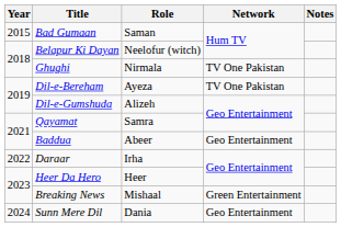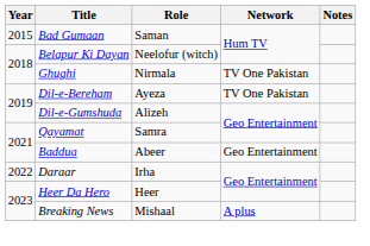 <table class="wikitable">
 <tr>
 <th>Year</th>
 <th>Title</th>
 <th>Role</th>
 <th>Network</th>
 <th>Notes</th>
 </tr>
 <tr>
 <td>2015</td>
 <td><em><a href='#'>Bad Gumaan</a></em></td>
 <td>Saman</td>
 <td rowspan="2"><a href='#'>Hum TV</a></td>
 <td></td>
 </tr>
 <tr>
 <td rowspan="2">2018</td>
 <td><em><a href='#'>Belapur Ki Dayan</a></em></td>
 <td>Neelofur (witch)</td>
 <td></td>
 </tr>
 <tr>
 <td><em><a href='#'>Ghughi</a></em></td>
 <td>Nirmala</td>
 <td>TV One Pakistan</td>
 <td></td>
 </tr>
 <tr>
 <td rowspan="2">2019</td>
 <td><em><a href='#'>Dil-e-Bereham</a></em></td>
 <td>Ayeza</td>
 <td>TV One Pakistan</td>
 <td></td>
 </tr>
 <tr>
 <td><em><a href='#'>Dil-e-Gumshuda</a></em></td>
 <td>Alizeh</td>
 <td rowspan="2"><a href='#'>Geo Entertainment</a></td>
 <td></td>
 </tr>
 <tr>
 <td rowspan="2">2021</td>
 <td><em><a href='#'>Qayamat</a></em></td>
 <td>Samra</td>
 <td></td>
 </tr>
 <tr>
 <td><em><a href='#'>Baddua</a></em></td>
 <td>Abeer</td>
 <td>Geo Entertainment</td>
 <td></td>
 </tr>
 <tr>
 <td>2022</td>
 <td><em>Daraar</em></td>
 <td>Irha</td>
 <td rowspan="2"><a href='#'>Geo Entertainment</a></td>
 <td></td>
 </tr>
 <tr>
 <td rowspan="2">2023</td>
 <td><em><a href='#'>Heer Da Hero</a></em></td>
 <td>Heer</td>
 <td></td>
 </tr>
 <tr>
 <td><em>Breaking News</em></td>
 <td>Mishaal</td>
-<td>Green Entertainment</td>
-<td></td>
-</tr>
-<tr>
-<td rowspan="1">2024</td>
-<td><em>Sunn Mere Dil</em></td>
-<td>Dania</td>
-<td>Geo Entertainment</td>
+<td><a href='#'>A plus</a></td>
 <td></td>
 </tr>
 </table>
